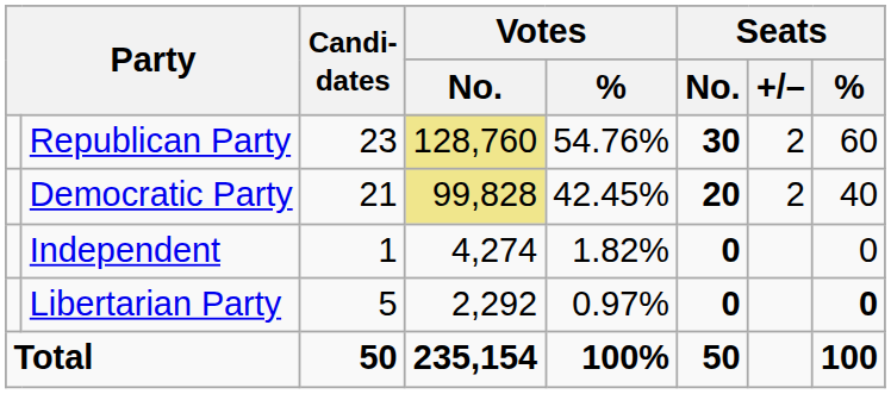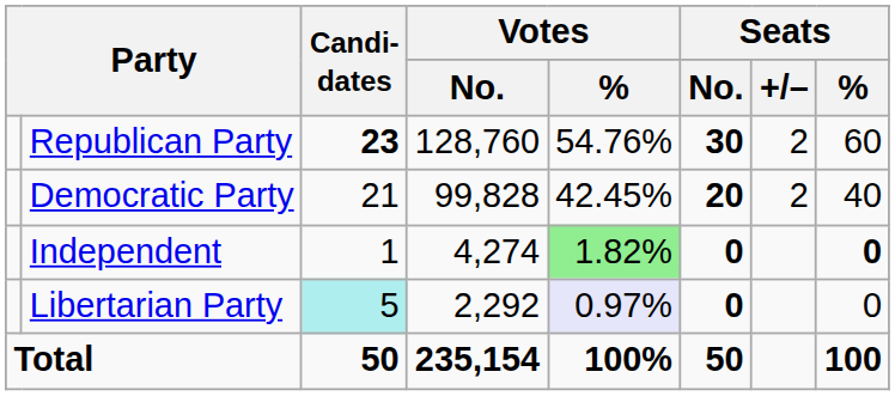 <table class="wikitable" style="font-size:100%; text-align:right;">
 <tr>
 <th colspan=2 rowspan=2>Party</th>
 <th rowspan=2><small>Candi-<br>dates</small></th>
 <th colspan=2>Votes</th>
 <th colspan=3>Seats</th>
 </tr>
 <tr>
 <th>No.</th>
 <th>%</th>
 <th>No.</th>
 <th>+/–</th>
 <th>%</th>
 </tr>
 <tr>
 <td style="background:"></td>
 <td style="text-align:left"><a href='#'>Republican Party</a></td>
-<td>23</td>
-<td style="background: khaki;">128,760</td>
+<td><strong>23</strong></td>
+<td>128,760</td>
 <td>54.76%</td>
 <td><strong>30</strong></td>
 <td>2</td>
 <td>60</td>
 </tr>
 <tr>
 <td style="background:"></td>
 <td style="text-align:left"><a href='#'>Democratic Party</a></td>
 <td>21</td>
-<td style="background: khaki;">99,828</td>
+<td>99,828</td>
 <td>42.45%</td>
 <td><strong>20</strong></td>
 <td>2</td>
 <td>40</td>
 </tr>
 <tr>
 <td style="background:"></td>
 <td style="text-align:left"><a href='#'>Independent</a></td>
 <td>1</td>
 <td>4,274</td>
-<td>1.82%</td>
+<td style="background: lightgreen;">1.82%</td>
 <td><strong>0</strong></td>
 <td></td>
-<td>0</td>
+<td><strong>0</strong></td>
 </tr>
 <tr>
 <td style="background:"></td>
 <td style="text-align:left"><a href='#'>Libertarian Party</a></td>
-<td>5</td>
+<td style="background: paleturquoise;">5</td>
 <td>2,292</td>
-<td>0.97%</td>
+<td style="background: lavender;">0.97%</td>
 <td><strong>0</strong></td>
 <td></td>
-<td><strong>0</strong></td>
+<td>0</td>
 </tr>
 <tr style="font-weight:bold">
 <td colspan=2 style="text-align:left">Total</td>
 <td>50</td>
 <td>235,154</td>
 <td>100%</td>
 <td>50</td>
 <td></td>
 <td>100</td>
 </tr>
 </table>
